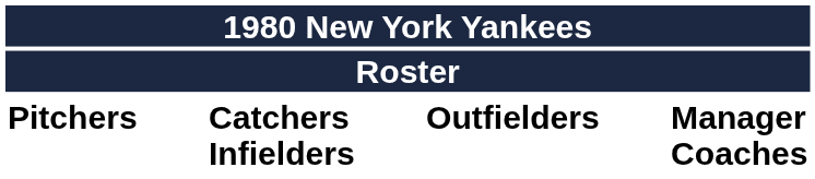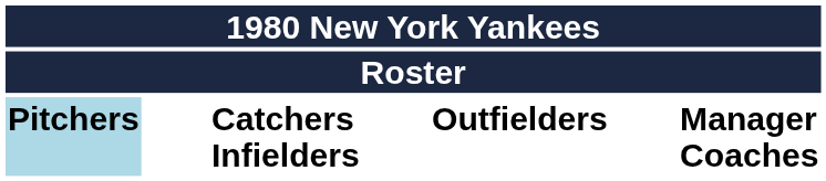 <table class="toccolours" style="font-size: 95%;">
 <tr>
 <th colspan="10" style="background-color: #1c2841; color: white; text-align: center;">1980 New York Yankees</th>
 </tr>
 <tr>
 <td colspan="10" style="background-color: #1c2841; color: white; text-align: center;"><strong>Roster</strong></td>
 </tr>
 <tr>
-<td valign="top"><strong>Pitchers</strong><br>            </td>
+<td valign="top" style="background: lightblue;"><strong>Pitchers</strong><br>            </td>
 <td width="25px"></td>
 <td valign="top"><strong>Catchers</strong><br>    <strong>Infielders</strong>             </td>
 <td width="25px"></td>
 <td valign="top"><strong>Outfielders</strong><br>        </td>
 <td width="25px"></td>
 <td valign="top"><strong>Manager</strong><br> <strong>Coaches</strong>      </td>
 </tr>
 </table>
